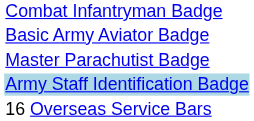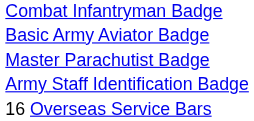 <table>
 <tr>
 <td> <a href='#'>Combat Infantryman Badge</a></td>
 </tr>
 <tr>
 <td> <a href='#'>Basic Army Aviator Badge</a></td>
 </tr>
 <tr>
 <td> <a href='#'>Master Parachutist Badge</a></td>
 </tr>
 <tr>
-<td style="background: lightblue;"> <a href='#'>Army Staff Identification Badge</a></td>
+<td> <a href='#'>Army Staff Identification Badge</a></td>
 </tr>
 <tr>
 <td> 16 <a href='#'>Overseas Service Bars</a></td>
 </tr>
 </table>
